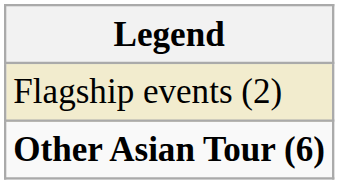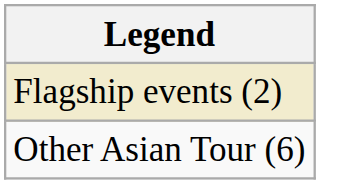 <table class="wikitable" style="font-size:95%;">
 <tr>
 <th>Legend</th>
 </tr>
 <tr style="background:#f2ecce;">
 <td>Flagship events (2)</td>
 </tr>
 <tr>
-<td><strong>Other Asian Tour (6)</strong></td>
+<td>Other Asian Tour (6)</td>
 </tr>
 </table>
